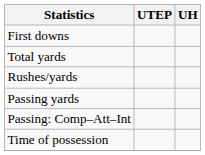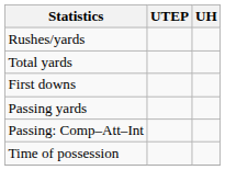 <table class="wikitable" style="float: left;">
 <tr>
 <th>Statistics</th>
 <th>UTEP</th>
 <th>UH</th>
 </tr>
 <tr>
-<td>First downs</td>
+<td>Rushes/yards</td>
 <td></td>
 <td></td>
 </tr>
 <tr>
 <td>Total yards</td>
 <td></td>
 <td></td>
 </tr>
 <tr>
-<td>Rushes/yards</td>
+<td>First downs</td>
 <td></td>
 <td></td>
 </tr>
 <tr>
 <td>Passing yards</td>
 <td></td>
 <td></td>
 </tr>
 <tr>
 <td>Passing: Comp–Att–Int</td>
 <td></td>
 <td></td>
 </tr>
 <tr>
 <td>Time of possession</td>
 <td></td>
 <td></td>
 </tr>
 <tr>
 </tr>
 </table>
